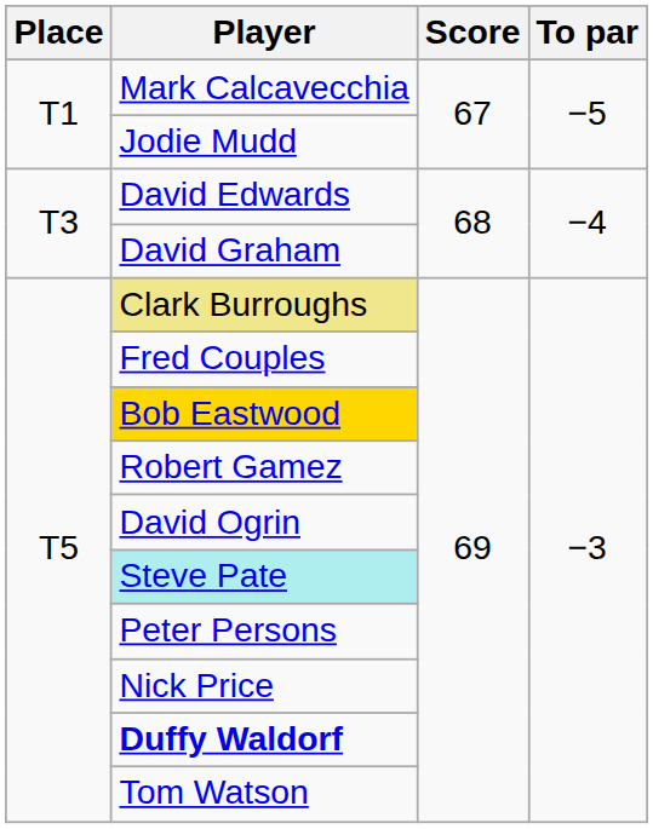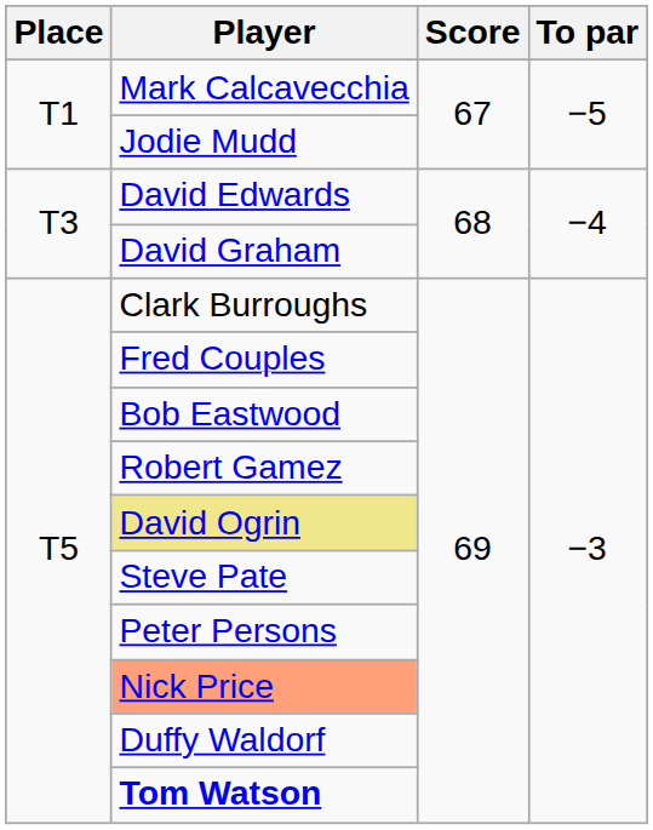 <table class="wikitable">
 <tr>
 <th>Place</th>
 <th>Player</th>
 <th>Score</th>
 <th>To par</th>
 </tr>
 <tr>
 <td rowspan=2 align=center>T1</td>
 <td> <a href='#'>Mark Calcavecchia</a></td>
 <td rowspan=2 align=center>67</td>
 <td rowspan=2 align=center>−5</td>
 </tr>
 <tr>
 <td> <a href='#'>Jodie Mudd</a></td>
 </tr>
 <tr>
 <td rowspan=2 align=center>T3</td>
 <td> <a href='#'>David Edwards</a></td>
 <td rowspan=2 align=center>68</td>
 <td rowspan=2 align=center>−4</td>
 </tr>
 <tr>
 <td> <a href='#'>David Graham</a></td>
 </tr>
 <tr>
 <td rowspan=10 align=center>T5</td>
-<td style="background: khaki;"> Clark Burroughs</td>
+<td> Clark Burroughs</td>
 <td rowspan=10 align=center>69</td>
 <td rowspan=10 align=center>−3</td>
 </tr>
 <tr>
 <td> <a href='#'>Fred Couples</a></td>
 </tr>
 <tr>
-<td style="background: gold;"> <a href='#'>Bob Eastwood</a></td>
+<td> <a href='#'>Bob Eastwood</a></td>
 </tr>
 <tr>
 <td> <a href='#'>Robert Gamez</a></td>
 </tr>
 <tr>
-<td> <a href='#'>David Ogrin</a></td>
+<td style="background: khaki;"> <a href='#'>David Ogrin</a></td>
 </tr>
 <tr>
-<td style="background: paleturquoise;"> <a href='#'>Steve Pate</a></td>
+<td> <a href='#'>Steve Pate</a></td>
 </tr>
 <tr>
 <td> <a href='#'>Peter Persons</a></td>
 </tr>
 <tr>
-<td> <a href='#'>Nick Price</a></td>
+<td style="background: lightsalmon;"> <a href='#'>Nick Price</a></td>
 </tr>
 <tr>
-<td><strong> <a href='#'>Duffy Waldorf</a></strong></td>
+<td> <a href='#'>Duffy Waldorf</a></td>
 </tr>
 <tr>
-<td> <a href='#'>Tom Watson</a></td>
+<td><strong> <a href='#'>Tom Watson</a></strong></td>
 </tr>
 </table>
